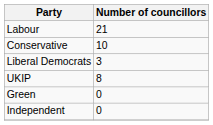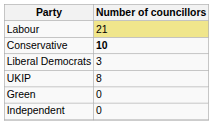 <table class="wikitable">
 <tr>
 <th>Party</th>
 <th>Number of councillors</th>
 </tr>
 <tr>
 <td>Labour</td>
-<td>21</td>
+<td style="background: khaki;">21</td>
 </tr>
 <tr>
 <td>Conservative</td>
-<td>10</td>
+<td><strong>10</strong></td>
 </tr>
 <tr>
 <td>Liberal Democrats</td>
 <td>3</td>
 </tr>
 <tr>
 <td>UKIP</td>
 <td>8</td>
 </tr>
 <tr>
 <td>Green</td>
 <td>0</td>
 </tr>
 <tr>
 <td>Independent</td>
 <td>0</td>
 </tr>
 <tr>
 </tr>
 </table>
